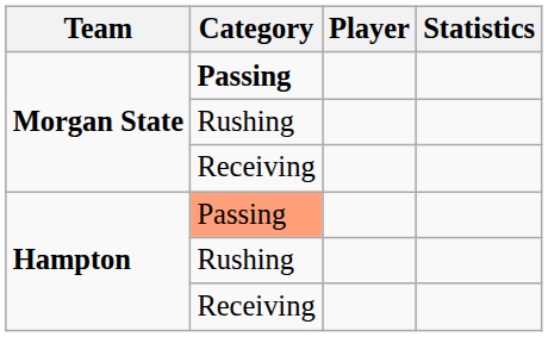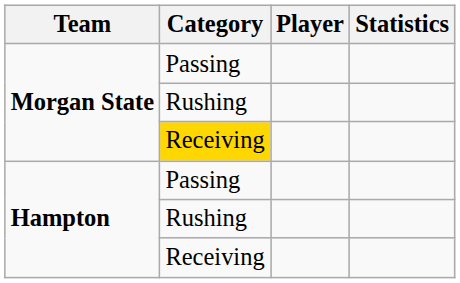 <table class="wikitable" style="float: right;">
 <tr>
 <th>Team</th>
 <th>Category</th>
 <th>Player</th>
 <th>Statistics</th>
 </tr>
 <tr>
 <td rowspan=3><strong>Morgan State</strong></td>
-<td><strong>Passing</strong></td>
+<td>Passing</td>
 <td></td>
 <td></td>
 </tr>
 <tr>
 <td>Rushing</td>
 <td></td>
 <td></td>
 </tr>
 <tr>
-<td>Receiving</td>
+<td style="background: gold;">Receiving</td>
 <td></td>
 <td></td>
 </tr>
 <tr>
 <td rowspan=3><strong>Hampton</strong></td>
-<td style="background: lightsalmon;">Passing</td>
+<td>Passing</td>
 <td></td>
 <td></td>
 </tr>
 <tr>
 <td>Rushing</td>
 <td></td>
 <td></td>
 </tr>
 <tr>
 <td>Receiving</td>
 <td></td>
 <td></td>
 </tr>
 </table>
